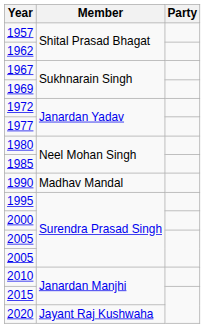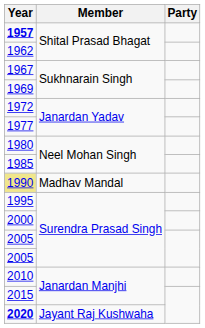 <table class="wikitable">
 <tr>
 <th>Year</th>
 <th>Member</th>
 <th colspan="2">Party</th>
 </tr>
 <tr>
-<td><a href='#'>1957</a></td>
+<td><strong><a href='#'>1957</a></strong></td>
 <td rowspan="2">Shital Prasad Bhagat</td>
 <td></td>
 </tr>
 <tr>
 <td><a href='#'>1962</a></td>
 </tr>
 <tr>
 <td><a href='#'>1967</a></td>
 <td rowspan="2">Sukhnarain Singh</td>
 <td></td>
 </tr>
 <tr>
 <td><a href='#'>1969</a></td>
 </tr>
 <tr>
 <td><a href='#'>1972</a></td>
 <td rowspan="2"><a href='#'>Janardan Yadav</a></td>
 <td></td>
 </tr>
 <tr>
 <td><a href='#'>1977</a></td>
 <td></td>
 </tr>
 <tr>
 <td><a href='#'>1980</a></td>
 <td rowspan="2">Neel Mohan Singh</td>
 <td></td>
 </tr>
 <tr>
 <td><a href='#'>1985</a></td>
 <td></td>
 </tr>
 <tr>
-<td><a href='#'>1990</a></td>
+<td style="background: khaki;"><a href='#'>1990</a></td>
 <td>Madhav Mandal</td>
 <td></td>
 </tr>
 <tr>
 <td><a href='#'>1995</a></td>
 <td rowspan="4"><a href='#'>Surendra Prasad Singh</a></td>
 <td></td>
 </tr>
 <tr>
 <td><a href='#'>2000</a></td>
 <td></td>
 </tr>
 <tr>
 <td><a href='#'>2005</a></td>
 </tr>
 <tr>
 <td><a href='#'>2005</a></td>
 </tr>
 <tr>
 <td><a href='#'>2010</a></td>
 <td rowspan="2"><a href='#'>Janardan Manjhi</a></td>
 <td></td>
 </tr>
 <tr>
 <td><a href='#'>2015</a></td>
 </tr>
 <tr>
-<td><a href='#'>2020</a></td>
+<td><strong><a href='#'>2020</a></strong></td>
 <td><a href='#'>Jayant Raj Kushwaha</a></td>
 </tr>
 </table>
